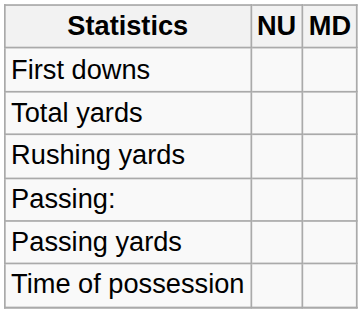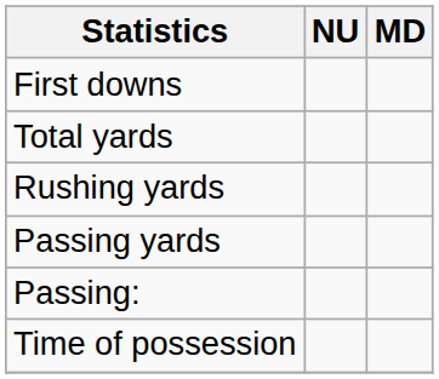 <table class="wikitable" style="float: left;">
 <tr>
 <th>Statistics</th>
 <th>NU</th>
 <th>MD</th>
 </tr>
 <tr>
 <td>First downs</td>
 <td></td>
 <td></td>
 </tr>
 <tr>
 <td>Total yards</td>
 <td></td>
 <td></td>
 </tr>
 <tr>
 <td>Rushing yards</td>
 <td></td>
 <td></td>
 </tr>
 <tr>
-<td>Passing:</td>
+<td>Passing yards</td>
 <td></td>
 <td></td>
 </tr>
 <tr>
-<td>Passing yards</td>
+<td>Passing:</td>
 <td></td>
 <td></td>
 </tr>
 <tr>
 <td>Time of possession</td>
 <td></td>
 <td></td>
 </tr>
 <tr>
 </tr>
 </table>
